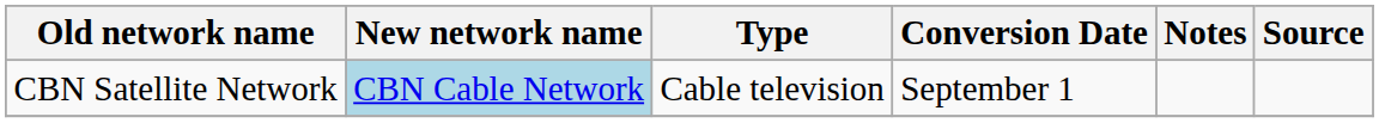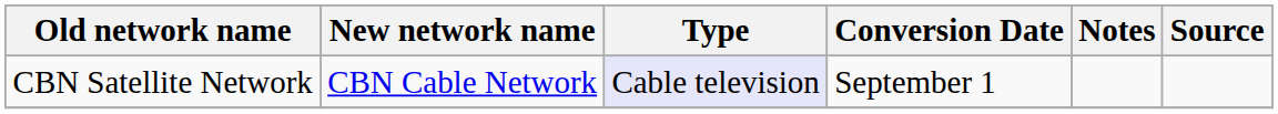 <table class="wikitable">
 <tr>
 <th>Old network name</th>
 <th>New network name</th>
 <th>Type</th>
 <th>Conversion Date</th>
 <th>Notes</th>
 <th>Source</th>
 </tr>
 <tr>
 <td>CBN Satellite Network</td>
-<td style="background: lightblue;"><a href='#'>CBN Cable Network</a></td>
-<td>Cable television</td>
+<td><a href='#'>CBN Cable Network</a></td>
+<td style="background: lavender;">Cable television</td>
 <td>September 1</td>
 <td></td>
 <td></td>
 </tr>
 <tr>
 </tr>
 </table>
